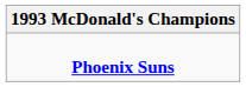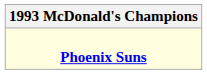 <table class=wikitable style="text-align:center; margin:auto">
 <tr>
 <th>1993 McDonald's Champions</th>
 </tr>
 <tr>
-<td><br><strong><a href='#'>Phoenix Suns</a></strong></td>
+<td style="background: lightyellow;"><br><strong><a href='#'>Phoenix Suns</a></strong></td>
 </tr>
 </table>
